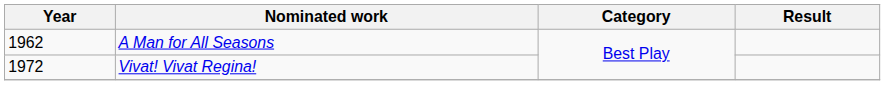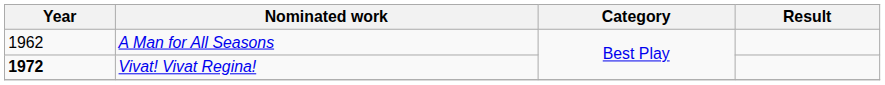 <table width="70%" class="wikitable">
 <tr>
 <th>Year</th>
 <th>Nominated work</th>
 <th>Category</th>
 <th>Result</th>
 </tr>
 <tr>
 <td>1962</td>
 <td><em><a href='#'>A Man for All Seasons</a></em></td>
 <td rowspan=2 style="text-align: center;"><a href='#'>Best Play</a></td>
 <td></td>
 </tr>
 <tr>
-<td>1972</td>
+<td><strong>1972</strong></td>
 <td><em><a href='#'>Vivat! Vivat Regina!</a></em></td>
 <td></td>
 </tr>
 <tr>
 </tr>
 </table>
